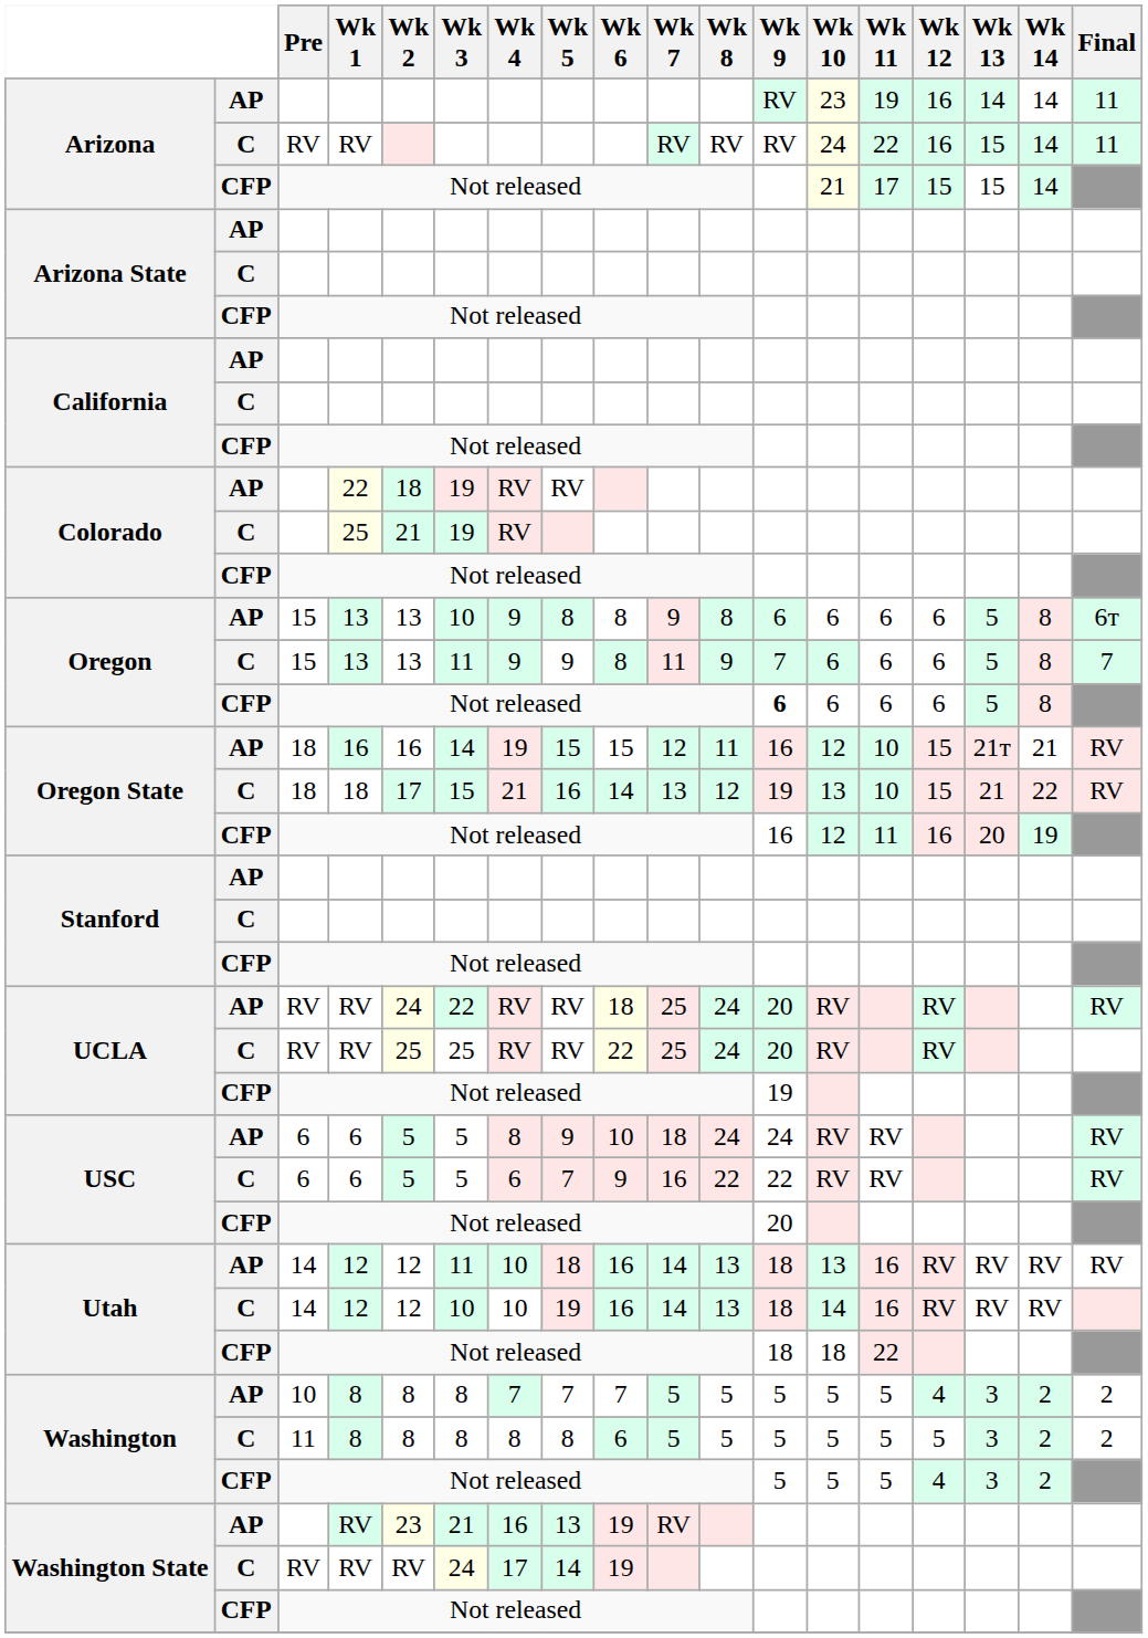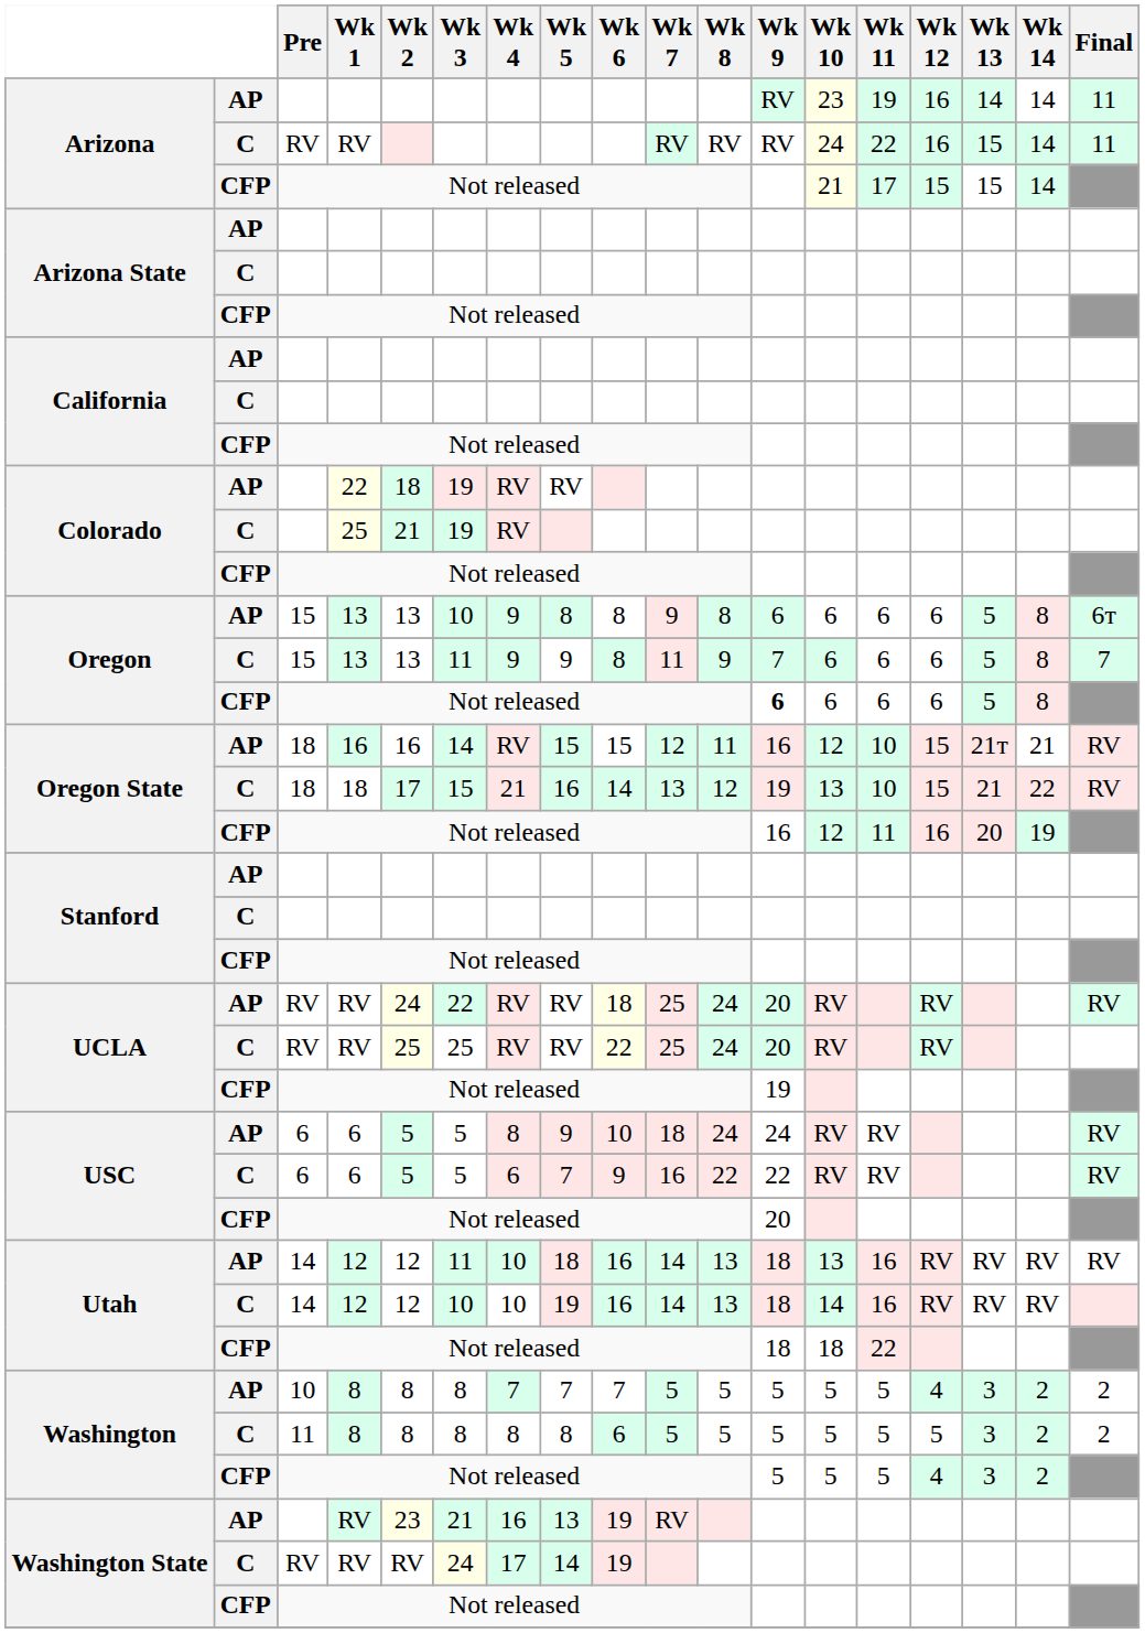 <table class="wikitable" style="white-space:nowrap;font-size:85%;">
 <tr>
 <th colspan=2 style="background:white; border-top-style:hidden; border-left-style:hidden;"> </th>
 <th>Pre</th>
 <th>Wk<br>1</th>
 <th>Wk<br>2</th>
 <th>Wk<br>3</th>
 <th>Wk<br>4</th>
 <th>Wk<br>5</th>
 <th>Wk<br>6</th>
 <th>Wk<br>7</th>
 <th>Wk<br>8</th>
 <th>Wk<br>9</th>
 <th>Wk<br>10</th>
 <th>Wk<br>11</th>
 <th>Wk<br>12</th>
 <th>Wk<br>13</th>
 <th>Wk<br>14</th>
 <th>Final</th>
 </tr>
 <tr style="text-align:center;">
 <th rowspan="3"><strong>Arizona</strong></th>
 <th>AP</th>
 <td style="background:#FFF;"></td>
 <td style="background:#FFF;"></td>
 <td style="background:#FFF;"></td>
 <td style="background:#FFF;"></td>
 <td style="background:#FFF;"></td>
 <td style="background:#FFF;"></td>
 <td style="background:#FFF;"></td>
 <td style="background:#FFF;"></td>
 <td style="background:#FFF;"></td>
 <td style="background:#D8FFEB;">RV</td>
 <td style="background:#ffffe6;">23</td>
 <td style="background:#D8FFEB;">19</td>
 <td style="background:#D8FFEB;">16</td>
 <td style="background:#D8FFEB;">14</td>
 <td style="background:#FFF;">14</td>
 <td style="background:#D8FFEB;">11</td>
 </tr>
 <tr style="text-align:center;">
 <th>C</th>
 <td style="background:#FFF;">RV</td>
 <td style="background:#FFF;">RV</td>
 <td style="background:#ffe6e6;"></td>
 <td style="background:#FFF;"></td>
 <td style="background:#FFF;"></td>
 <td style="background:#FFF;"></td>
 <td style="background:#FFF;"></td>
 <td style="background:#D8FFEB;">RV</td>
 <td style="background:#FFF;">RV</td>
 <td style="background:#FFF;">RV</td>
 <td style="background:#ffffe6;">24</td>
 <td style="background:#D8FFEB;">22</td>
 <td style="background:#D8FFEB;">16</td>
 <td style="background:#D8FFEB;">15</td>
 <td style="background:#D8FFEB;">14</td>
 <td style="background:#D8FFEB;">11</td>
 </tr>
 <tr style="text-align:center;">
 <th>CFP</th>
 <td colspan="9" style="text-align:center;">Not released</td>
 <td style="background:#FFF;"></td>
 <td style="background:#ffffe6;">21</td>
 <td style="background:#D8FFEB;">17</td>
 <td style="background:#D8FFEB;">15</td>
 <td style="background:#FFF;">15</td>
 <td style="background:#D8FFEB;">14</td>
 <td style="background:#999;"></td>
 </tr>
 <tr style="text-align:center;">
 <th rowspan="3"><strong>Arizona State</strong></th>
 <th>AP</th>
 <td style="background:#FFF;"></td>
 <td style="background:#FFF;"></td>
 <td style="background:#FFF;"></td>
 <td style="background:#FFF;"></td>
 <td style="background:#FFF;"></td>
 <td style="background:#FFF;"></td>
 <td style="background:#FFF;"></td>
 <td style="background:#FFF;"></td>
 <td style="background:#FFF;"></td>
 <td style="background:#FFF;"></td>
 <td style="background:#FFF;"></td>
 <td style="background:#FFF;"></td>
 <td style="background:#FFF;"></td>
 <td style="background:#FFF;"></td>
 <td style="background:#FFF;"></td>
 <td style="background:#FFF;"></td>
 </tr>
 <tr style="text-align:center;">
 <th>C</th>
 <td style="background:#FFF;"></td>
 <td style="background:#FFF;"></td>
 <td style="background:#FFF;"></td>
 <td style="background:#FFF;"></td>
 <td style="background:#FFF;"></td>
 <td style="background:#FFF;"></td>
 <td style="background:#FFF;"></td>
 <td style="background:#FFF;"></td>
 <td style="background:#FFF;"></td>
 <td style="background:#FFF;"></td>
 <td style="background:#FFF;"></td>
 <td style="background:#FFF;"></td>
 <td style="background:#FFF;"></td>
 <td style="background:#FFF;"></td>
 <td style="background:#FFF;"></td>
 <td style="background:#FFF;"></td>
 </tr>
 <tr style="text-align:center;">
 <th>CFP</th>
 <td colspan="9" style="text-align:center;">Not released</td>
 <td style="background:#FFF;"></td>
 <td style="background:#FFF;"></td>
 <td style="background:#FFF;"></td>
 <td style="background:#FFF;"></td>
 <td style="background:#FFF;"></td>
 <td style="background:#FFF;"></td>
 <td style="background:#999;"></td>
 </tr>
 <tr style="text-align:center;">
 <th rowspan="3"><strong>California</strong></th>
 <th>AP</th>
 <td style="background:#FFF;"></td>
 <td style="background:#FFF;"></td>
 <td style="background:#FFF;"></td>
 <td style="background:#FFF;"></td>
 <td style="background:#FFF;"></td>
 <td style="background:#FFF;"></td>
 <td style="background:#FFF;"></td>
 <td style="background:#FFF;"></td>
 <td style="background:#FFF;"></td>
 <td style="background:#FFF;"></td>
 <td style="background:#FFF;"></td>
 <td style="background:#FFF;"></td>
 <td style="background:#FFF;"></td>
 <td style="background:#FFF;"></td>
 <td style="background:#FFF;"></td>
 <td style="background:#FFF;"></td>
 </tr>
 <tr style="text-align:center;">
 <th>C</th>
 <td style="background:#FFF;"></td>
 <td style="background:#FFF;"></td>
 <td style="background:#FFF;"></td>
 <td style="background:#FFF;"></td>
 <td style="background:#FFF;"></td>
 <td style="background:#FFF;"></td>
 <td style="background:#FFF;"></td>
 <td style="background:#FFF;"></td>
 <td style="background:#FFF;"></td>
 <td style="background:#FFF;"></td>
 <td style="background:#FFF;"></td>
 <td style="background:#FFF;"></td>
 <td style="background:#FFF;"></td>
 <td style="background:#FFF;"></td>
 <td style="background:#FFF;"></td>
 <td style="background:#FFF;"></td>
 </tr>
 <tr style="text-align:center;">
 <th>CFP</th>
 <td colspan="9" style="text-align:center;">Not released</td>
 <td style="background:#FFF;"></td>
 <td style="background:#FFF;"></td>
 <td style="background:#FFF;"></td>
 <td style="background:#FFF;"></td>
 <td style="background:#FFF;"></td>
 <td style="background:#FFF;"></td>
 <td style="background:#999;"></td>
 </tr>
 <tr style="text-align:center;">
 <th rowspan="3"><strong>Colorado</strong></th>
 <th>AP</th>
 <td style="background:#FFF;"></td>
 <td style="background:#ffffe6;">22</td>
 <td style="background:#D8FFEB;">18</td>
 <td style="background:#FFE6E6;">19</td>
 <td style="background:#FFE6E6;">RV</td>
 <td style="background:#FFF;">RV</td>
 <td style="background:#ffe6e6;"></td>
 <td style="background:#FFF;"></td>
 <td style="background:#FFF;"></td>
 <td style="background:#FFF;"></td>
 <td style="background:#FFF;"></td>
 <td style="background:#FFF;"></td>
 <td style="background:#FFF;"></td>
 <td style="background:#FFF;"></td>
 <td style="background:#FFF;"></td>
 <td style="background:#FFF;"></td>
 </tr>
 <tr style="text-align:center;">
 <th>C</th>
 <td style="background:#FFF;"></td>
 <td style="background:#ffffe6;">25</td>
 <td style="background:#D8FFEB;">21</td>
 <td style="background:#D8FFEB;">19</td>
 <td style="background:#FFE6E6;">RV</td>
 <td style="background:#ffe6e6;"></td>
 <td style="background:#FFF;"></td>
 <td style="background:#FFF;"></td>
 <td style="background:#FFF;"></td>
 <td style="background:#FFF;"></td>
 <td style="background:#FFF;"></td>
 <td style="background:#FFF;"></td>
 <td style="background:#FFF;"></td>
 <td style="background:#FFF;"></td>
 <td style="background:#FFF;"></td>
 <td style="background:#FFF;"></td>
 </tr>
 <tr style="text-align:center;">
 <th>CFP</th>
 <td colspan="9" style="text-align:center;">Not released</td>
 <td style="background:#FFF;"></td>
 <td style="background:#FFF;"></td>
 <td style="background:#FFF;"></td>
 <td style="background:#FFF;"></td>
 <td style="background:#FFF;"></td>
 <td style="background:#FFF;"></td>
 <td style="background:#999;"></td>
 </tr>
 <tr style="text-align:center;">
 <th rowspan="3"><strong>Oregon</strong></th>
 <th>AP</th>
 <td style="background:#FFF;">15</td>
 <td style="background:#D8FFEB;">13</td>
 <td style="background:#FFF;">13</td>
 <td style="background:#D8FFEB;">10</td>
 <td style="background:#D8FFEB;">9</td>
 <td style="background:#D8FFEB;">8</td>
 <td style="background:#FFF;">8</td>
 <td style="background:#FFE6E6;">9</td>
 <td style="background:#D8FFEB;">8</td>
 <td style="background:#D8FFEB;">6</td>
 <td style="background:#FFF;">6</td>
 <td style="background:#FFF;">6</td>
 <td style="background:#FFF;">6</td>
 <td style="background:#D8FFEB;">5</td>
 <td style="background:#FFE6E6;">8</td>
 <td style="background:#D8FFEB;">6т</td>
 </tr>
 <tr style="text-align:center;">
 <th>C</th>
 <td style="background:#FFF;">15</td>
 <td style="background:#D8FFEB;">13</td>
 <td style="background:#FFF;">13</td>
 <td style="background:#D8FFEB;">11</td>
 <td style="background:#D8FFEB;">9</td>
 <td style="background:#FFF;">9</td>
 <td style="background:#D8FFEB;">8</td>
 <td style="background:#FFE6E6;">11</td>
 <td style="background:#D8FFEB;">9</td>
 <td style="background:#D8FFEB;">7</td>
 <td style="background:#D8FFEB;">6</td>
 <td style="background:#FFF;">6</td>
 <td style="background:#FFF;">6</td>
 <td style="background:#D8FFEB;">5</td>
 <td style="background:#FFE6E6;">8</td>
 <td style="background:#D8FFEB;">7</td>
 </tr>
 <tr style="text-align:center;">
 <th>CFP</th>
 <td colspan="9" style="text-align:center;">Not released</td>
 <td style="background:#FFF;"><strong>6</strong></td>
 <td style="background:#FFF;">6</td>
 <td style="background:#FFF;">6</td>
 <td style="background:#FFF;">6</td>
 <td style="background:#D8FFEB;">5</td>
 <td style="background:#FFE6E6;">8</td>
 <td style="background:#999;"></td>
 </tr>
 <tr style="text-align:center;">
 <th rowspan="3"><strong>Oregon State</strong></th>
 <th>AP</th>
 <td style="background:#FFF;">18</td>
 <td style="background:#D8FFEB;">16</td>
 <td style="background:#FFF;">16</td>
 <td style="background:#D8FFEB;">14</td>
-<td style="background:#FFE6E6;">19</td>
+<td style="background:#FFE6E6;">RV</td>
 <td style="background:#D8FFEB;">15</td>
 <td style="background:#FFF;">15</td>
 <td style="background:#D8FFEB;">12</td>
 <td style="background:#D8FFEB;">11</td>
 <td style="background:#FFE6E6;">16</td>
 <td style="background:#D8FFEB;">12</td>
 <td style="background:#D8FFEB;">10</td>
 <td style="background:#FFE6E6;">15</td>
 <td style="background:#FFE6E6;">21т</td>
 <td style="background:#FFF;">21</td>
 <td style="background:#FFE6E6;">RV</td>
 </tr>
 <tr style="text-align:center;">
 <th>C</th>
 <td style="background:#FFF;">18</td>
 <td style="background:#FFF;">18</td>
 <td style="background:#D8FFEB;">17</td>
 <td style="background:#D8FFEB;">15</td>
 <td style="background:#FFE6E6;">21</td>
 <td style="background:#D8FFEB;">16</td>
 <td style="background:#D8FFEB;">14</td>
 <td style="background:#D8FFEB;">13</td>
 <td style="background:#D8FFEB;">12</td>
 <td style="background:#FFE6E6;">19</td>
 <td style="background:#D8FFEB;">13</td>
 <td style="background:#D8FFEB;">10</td>
 <td style="background:#FFE6E6;">15</td>
 <td style="background:#FFE6E6;">21</td>
 <td style="background:#FFE6E6;">22</td>
 <td style="background:#FFE6E6;">RV</td>
 </tr>
 <tr style="text-align:center;">
 <th>CFP</th>
 <td colspan="9" style="text-align:center;">Not released</td>
 <td style="background:#FFF;">16</td>
 <td style="background:#D8FFEB;">12</td>
 <td style="background:#D8FFEB;">11</td>
 <td style="background:#FFE6E6;">16</td>
 <td style="background:#FFE6E6;">20</td>
 <td style="background:#D8FFEB;">19</td>
 <td style="background:#999;"></td>
 </tr>
 <tr style="text-align:center;">
 <th rowspan="3"><strong>Stanford</strong></th>
 <th>AP</th>
 <td style="background:#FFF;"></td>
 <td style="background:#FFF;"></td>
 <td style="background:#FFF;"></td>
 <td style="background:#FFF;"></td>
 <td style="background:#FFF;"></td>
 <td style="background:#FFF;"></td>
 <td style="background:#FFF;"></td>
 <td style="background:#FFF;"></td>
 <td style="background:#FFF;"></td>
 <td style="background:#FFF;"></td>
 <td style="background:#FFF;"></td>
 <td style="background:#FFF;"></td>
 <td style="background:#FFF;"></td>
 <td style="background:#FFF;"></td>
 <td style="background:#FFF;"></td>
 <td style="background:#FFF;"></td>
 </tr>
 <tr style="text-align:center;">
 <th>C</th>
 <td style="background:#FFF;"></td>
 <td style="background:#FFF;"></td>
 <td style="background:#FFF;"></td>
 <td style="background:#FFF;"></td>
 <td style="background:#FFF;"></td>
 <td style="background:#FFF;"></td>
 <td style="background:#FFF;"></td>
 <td style="background:#FFF;"></td>
 <td style="background:#FFF;"></td>
 <td style="background:#FFF;"></td>
 <td style="background:#FFF;"></td>
 <td style="background:#FFF;"></td>
 <td style="background:#FFF;"></td>
 <td style="background:#FFF;"></td>
 <td style="background:#FFF;"></td>
 <td style="background:#FFF;"></td>
 </tr>
 <tr style="text-align:center;">
 <th>CFP</th>
 <td colspan="9" style="text-align:center;">Not released</td>
 <td style="background:#FFF;"></td>
 <td style="background:#FFF;"></td>
 <td style="background:#FFF;"></td>
 <td style="background:#FFF;"></td>
 <td style="background:#FFF;"></td>
 <td style="background:#FFF;"></td>
 <td style="background:#999;"></td>
 </tr>
 <tr style="text-align:center;">
 <th rowspan="3"><strong>UCLA</strong></th>
 <th>AP</th>
 <td style="background:#FFF;">RV</td>
 <td style="background:#FFF;">RV</td>
 <td style="background:#ffffe6;">24</td>
 <td style="background:#D8FFEB;">22</td>
 <td style="background:#FFE6E6;">RV</td>
 <td style="background:#FFF;">RV</td>
 <td style="background:#ffffe6;">18</td>
 <td style="background:#FFE6E6;">25</td>
 <td style="background:#D8FFEB;">24</td>
 <td style="background:#D8FFEB;">20</td>
 <td style="background:#FFE6E6;">RV</td>
 <td style="background:#FFE6E6;"></td>
 <td style="background:#D8FFEb;">RV</td>
 <td style="background:#FFE6E6;"></td>
 <td style="background:#FFF;"></td>
 <td style="background:#D8FFEB;">RV</td>
 </tr>
 <tr style="text-align:center;">
 <th>C</th>
 <td style="background:#FFF;">RV</td>
 <td style="background:#FFF;">RV</td>
 <td style="background:#ffffe6;">25</td>
 <td style="background:#FFF;">25</td>
 <td style="background:#FFE6E6;">RV</td>
 <td style="background:#FFF;">RV</td>
 <td style="background:#ffffe6;">22</td>
 <td style="background:#FFE6E6;">25</td>
 <td style="background:#D8FFEB;">24</td>
 <td style="background:#D8FFEB;">20</td>
 <td style="background:#FFE6E6;">RV</td>
 <td style="background:#FFE6E6;"></td>
 <td style="background:#D8FFEB;">RV</td>
 <td style="background:#FFE6E6;"></td>
 <td style="background:#FFF;"></td>
 <td style="background:#FFF;"></td>
 </tr>
 <tr style="text-align:center;">
 <th>CFP</th>
 <td colspan="9" style="text-align:center;">Not released</td>
 <td style="background:#FFF;">19</td>
 <td style="background:#FFE6E6;"></td>
 <td style="background:#FFF;"></td>
 <td style="background:#FFF;"></td>
 <td style="background:#FFF;"></td>
 <td style="background:#FFF;"></td>
 <td style="background:#999;"></td>
 </tr>
 <tr style="text-align:center;">
 <th rowspan="3"><strong>USC</strong></th>
 <th>AP</th>
 <td style="background:#FFF;">6</td>
 <td style="background:#FFF;">6</td>
 <td style="background:#D8FFEB;">5</td>
 <td style="background:#FFF;">5</td>
 <td style="background:#FFE6E6;">8</td>
 <td style="background:#FFE6E6;">9</td>
 <td style="background:#ffe6e6;">10</td>
 <td style="background:#FFe6e6;">18</td>
 <td style="background:#FFe6e6;">24</td>
 <td style="background:#FFF;">24</td>
 <td style="background:#FFE6E6;">RV</td>
 <td style="background:#FFF;">RV</td>
 <td style="background:#FFE6E6;"></td>
 <td style="background:#FFF;"></td>
 <td style="background:#FFF;"></td>
 <td style="background:#D8FFEB;">RV</td>
 </tr>
 <tr style="text-align:center;">
 <th>C</th>
 <td style="background:#FFF;">6</td>
 <td style="background:#FFF;">6</td>
 <td style="background:#D8FFEB;">5</td>
 <td style="background:#FFF;">5</td>
 <td style="background:#FFE6E6;">6</td>
 <td style="background:#FFE6E6;">7</td>
 <td style="background:#FFE6E6;">9</td>
 <td style="background:#FFE6E6;">16</td>
 <td style="background:#FFE6E6;">22</td>
 <td style="background:#FFF;">22</td>
 <td style="background:#FFE6E6;">RV</td>
 <td style="background:#FFF;">RV</td>
 <td style="background:#FFE6E6;"></td>
 <td style="background:#FFF;"></td>
 <td style="background:#FFF;"></td>
 <td style="background:#D8FFEB;">RV</td>
 </tr>
 <tr style="text-align:center;">
 <th>CFP</th>
 <td colspan="9" style="text-align:center;">Not released</td>
 <td style="background:#FFF;">20</td>
 <td style="background:#FFE6E6;"></td>
 <td style="background:#FFF;"></td>
 <td style="background:#FFF;"></td>
 <td style="background:#FFF;"></td>
 <td style="background:#FFF;"></td>
 <td style="background:#999;"></td>
 </tr>
 <tr style="text-align:center;">
 <th rowspan="3"><strong>Utah</strong></th>
 <th>AP</th>
 <td style="background:#FFF;">14</td>
 <td style="background:#D8FFEB;">12</td>
 <td style="background:#FFF;">12</td>
 <td style="background:#D8FFEB;">11</td>
 <td style="background:#D8FFEB;">10</td>
 <td style="background:#FFE6E6;">18</td>
 <td style="background:#D8FFEB;">16</td>
 <td style="background:#D8FFEb;">14</td>
 <td style="background:#D8FFEB;">13</td>
 <td style="background:#FFE6E6;">18</td>
 <td style="background:#D8FFEB;">13</td>
 <td style="background:#FFE6E6;">16</td>
 <td style="background:#FFE6E6;">RV</td>
 <td style="background:#FFF;">RV</td>
 <td style="background:#FFF;">RV</td>
 <td style="background:#FFF;">RV</td>
 </tr>
 <tr style="text-align:center;">
 <th>C</th>
 <td style="background:#FFF;">14</td>
 <td style="background:#D8FFEB;">12</td>
 <td style="background:#FFF;">12</td>
 <td style="background:#D8FFEB;">10</td>
 <td style="background:#FFF;">10</td>
 <td style="background:#FFE6E6;">19</td>
 <td style="background:#D8FFEB;">16</td>
 <td style="background:#D8FFEB;">14</td>
 <td style="background:#D8FFEB;">13</td>
 <td style="background:#FFE6E6;">18</td>
 <td style="background:#D8FFEB;">14</td>
 <td style="background:#FFE6E6;">16</td>
 <td style="background:#FFE6E6;">RV</td>
 <td style="background:#FFF;">RV</td>
 <td style="background:#FFF;">RV</td>
 <td style="background:#FFE6E6;"></td>
 </tr>
 <tr style="text-align:center;">
 <th>CFP</th>
 <td colspan="9" style="text-align:center;">Not released</td>
 <td style="background:#FFF;">18</td>
 <td style="background:#FFF;">18</td>
 <td style="background:#FFE6E6;">22</td>
 <td style="background:#FFE6E6;"></td>
 <td style="background:#FFF;"></td>
 <td style="background:#FFF;"></td>
 <td style="background:#999;"></td>
 </tr>
 <tr style="text-align:center;">
 <th rowspan="3"><strong>Washington</strong></th>
 <th>AP</th>
 <td style="background:#FFF;">10</td>
 <td style="background:#D8FFEB;">8</td>
 <td style="background:#FFF;">8</td>
 <td style="background:#FFF;">8</td>
 <td style="background:#D8FFEB;">7</td>
 <td style="background:#FFF;">7</td>
 <td style="background:#FFF;">7</td>
 <td style="background:#D8FFEb;">5</td>
 <td style="background:#FFF;">5</td>
 <td style="background:#FFF;">5</td>
 <td style="background:#FFF;">5</td>
 <td style="background:#FFF;">5</td>
 <td style="background:#D8FFEB;">4</td>
 <td style="background:#D8FFEB;">3</td>
 <td style="background:#D8FFEB;">2</td>
 <td style="background:#FFF;">2</td>
 </tr>
 <tr style="text-align:center;">
 <th>C</th>
 <td style="background:#FFF;">11</td>
 <td style="background:#D8FFEB;">8</td>
 <td style="background:#FFF;">8</td>
 <td style="background:#FFF;">8</td>
 <td style="background:#FFF;">8</td>
 <td style="background:#FFF;">8</td>
 <td style="background:#D8FFEB;">6</td>
 <td style="background:#D8FFEB;">5</td>
 <td style="background:#FFF;">5</td>
 <td style="background:#FFF;">5</td>
 <td style="background:#FFF;">5</td>
 <td style="background:#FFF;">5</td>
 <td style="background:#FFF;">5</td>
 <td style="background:#D8FFEB;">3</td>
 <td style="background:#D8FFEB;">2</td>
 <td style="background:#FFF;">2</td>
 </tr>
 <tr style="text-align:center;">
 <th>CFP</th>
 <td colspan="9" style="text-align:center;">Not released</td>
 <td style="background:#FFF;">5</td>
 <td style="background:#FFF;">5</td>
 <td style="background:#FFF;">5</td>
 <td style="background:#D8FFEB;">4</td>
 <td style="background:#D8FFEB;">3</td>
 <td style="background:#D8FFEb;">2</td>
 <td style="background:#999;"></td>
 </tr>
 <tr style="text-align:center;">
 <th rowspan="3"><strong>Washington State</strong></th>
 <th>AP</th>
 <td style="background:#FFF;"></td>
 <td style="background:#D8FFEB;">RV</td>
 <td style="background:#ffffe6;">23</td>
 <td style="background:#D8FFEB;">21</td>
 <td style="background:#D8FFEB;">16</td>
 <td style="background:#D8FFEB;">13</td>
 <td style="background:#ffe6e6;">19</td>
 <td style="background:#FFe6e6;">RV</td>
 <td style="background:#FFE6e6;"></td>
 <td style="background:#FFF;"></td>
 <td style="background:#FFF;"></td>
 <td style="background:#FFF;"></td>
 <td style="background:#FFF;"></td>
 <td style="background:#FFF;"></td>
 <td style="background:#FFF;"></td>
 <td style="background:#FFF;"></td>
 </tr>
 <tr style="text-align:center;">
 <th>C</th>
 <td style="background:#FFF;">RV</td>
 <td style="background:#FFF;">RV</td>
 <td style="background:#FFF;">RV</td>
 <td style="background:#ffffe6;">24</td>
 <td style="background:#D8FFEB;">17</td>
 <td style="background:#D8FFEB;">14</td>
 <td style="background:#FFE6E6;">19</td>
 <td style="background:#FFE6E6;"></td>
 <td style="background:#FFF;"></td>
 <td style="background:#FFF;"></td>
 <td style="background:#FFF;"></td>
 <td style="background:#FFF;"></td>
 <td style="background:#FFF;"></td>
 <td style="background:#FFF;"></td>
 <td style="background:#FFF;"></td>
 <td style="background:#FFF;"></td>
 </tr>
 <tr style="text-align:center;">
 <th>CFP</th>
 <td colspan="9" style="text-align:center;">Not released</td>
 <td style="background:#FFF;"></td>
 <td style="background:#FFF;"></td>
 <td style="background:#FFF;"></td>
 <td style="background:#FFF;"></td>
 <td style="background:#FFF;"></td>
 <td style="background:#FFF;"></td>
 <td style="background:#999;"></td>
 </tr>
 <tr style="text-align:center;">
 </tr>
 </table>
